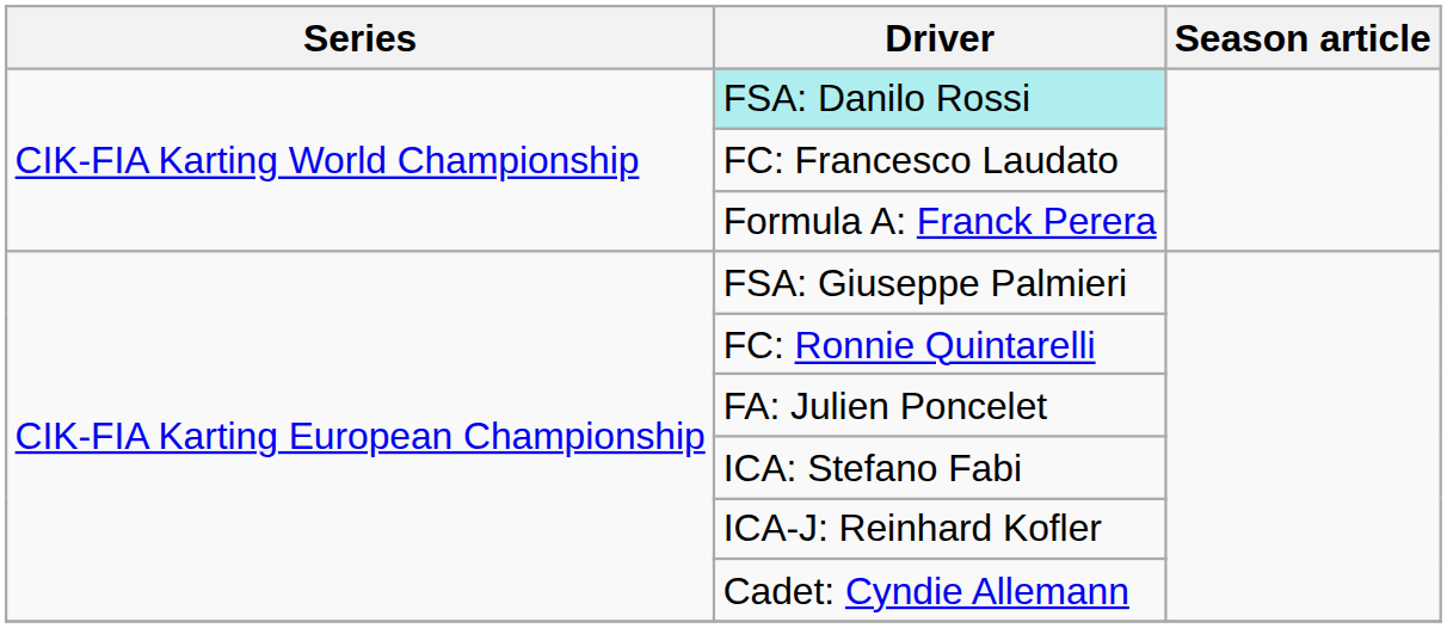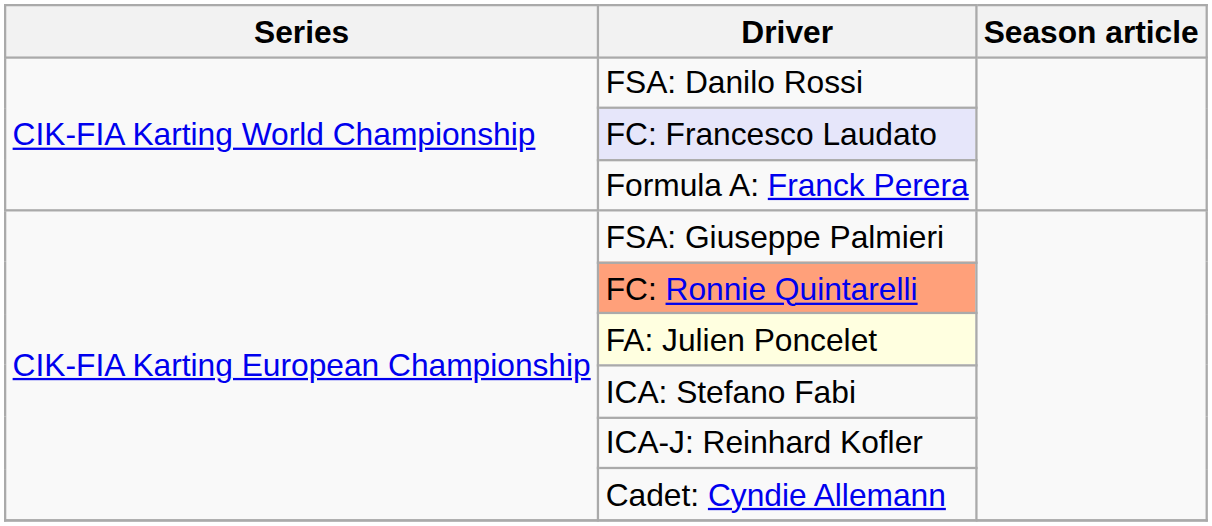 <table class="wikitable" style="font-size: 87%;">
 <tr>
 <th>Series</th>
 <th>Driver</th>
 <th>Season article</th>
 </tr>
 <tr>
 <td rowspan=3><a href='#'>CIK-FIA Karting World Championship</a></td>
-<td style="background: paleturquoise;">FSA:  Danilo Rossi</td>
+<td>FSA:  Danilo Rossi</td>
 <td rowspan=3></td>
 </tr>
 <tr>
-<td>FC:  Francesco Laudato</td>
+<td style="background: lavender;">FC:  Francesco Laudato</td>
 </tr>
 <tr>
 <td>Formula A:  <a href='#'>Franck Perera</a></td>
 </tr>
 <tr>
 <td rowspan=6><a href='#'>CIK-FIA Karting European Championship</a></td>
 <td>FSA:  Giuseppe Palmieri</td>
 <td rowspan=6></td>
 </tr>
 <tr>
-<td>FC:  <a href='#'>Ronnie Quintarelli</a></td>
+<td style="background: lightsalmon;">FC:  <a href='#'>Ronnie Quintarelli</a></td>
 </tr>
 <tr>
-<td>FA:  Julien Poncelet</td>
+<td style="background: lightyellow;">FA:  Julien Poncelet</td>
 </tr>
 <tr>
 <td>ICA:  Stefano Fabi</td>
 </tr>
 <tr>
 <td>ICA-J:  Reinhard Kofler</td>
 </tr>
 <tr>
 <td>Cadet:  <a href='#'>Cyndie Allemann</a></td>
 </tr>
 <tr>
 </tr>
 </table>
